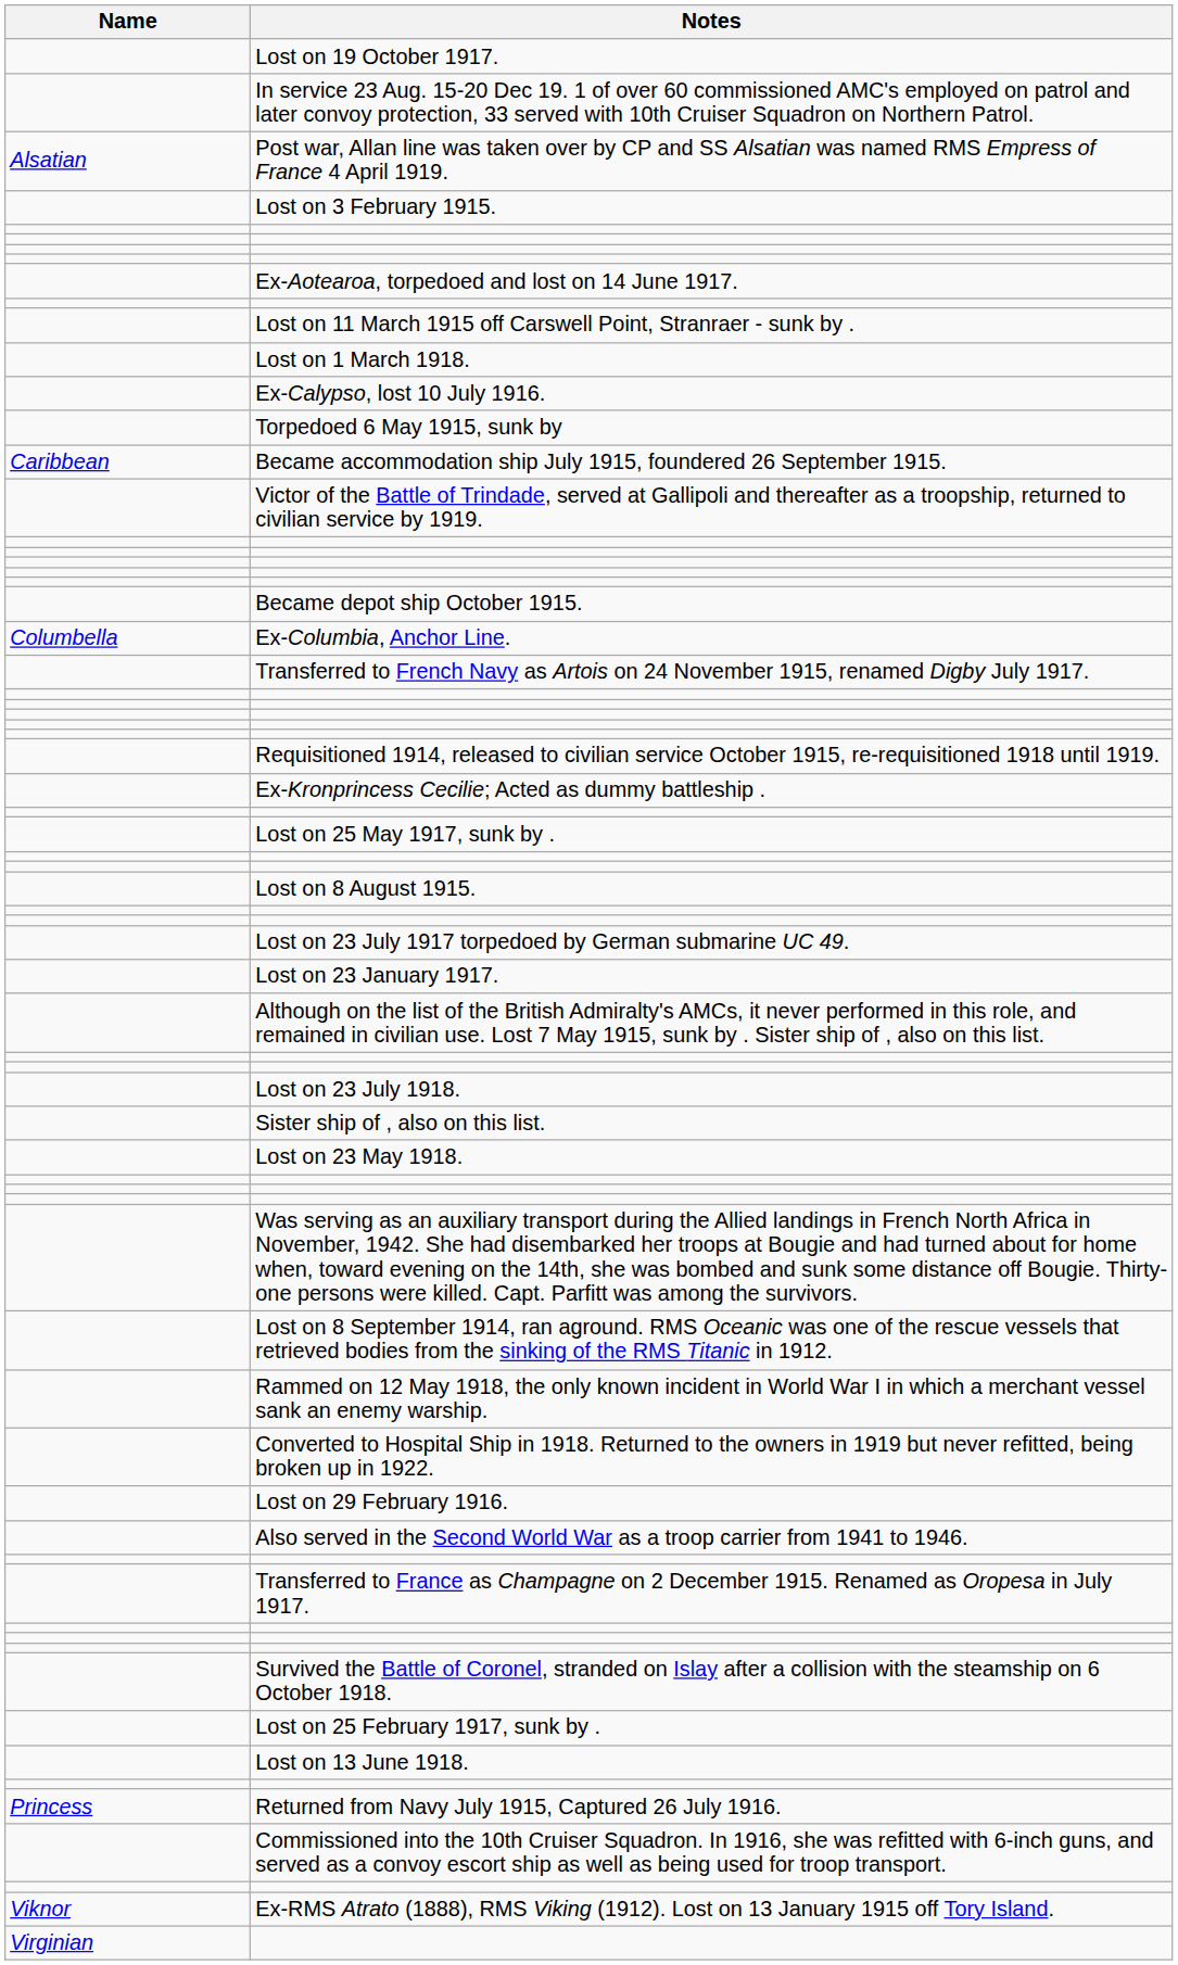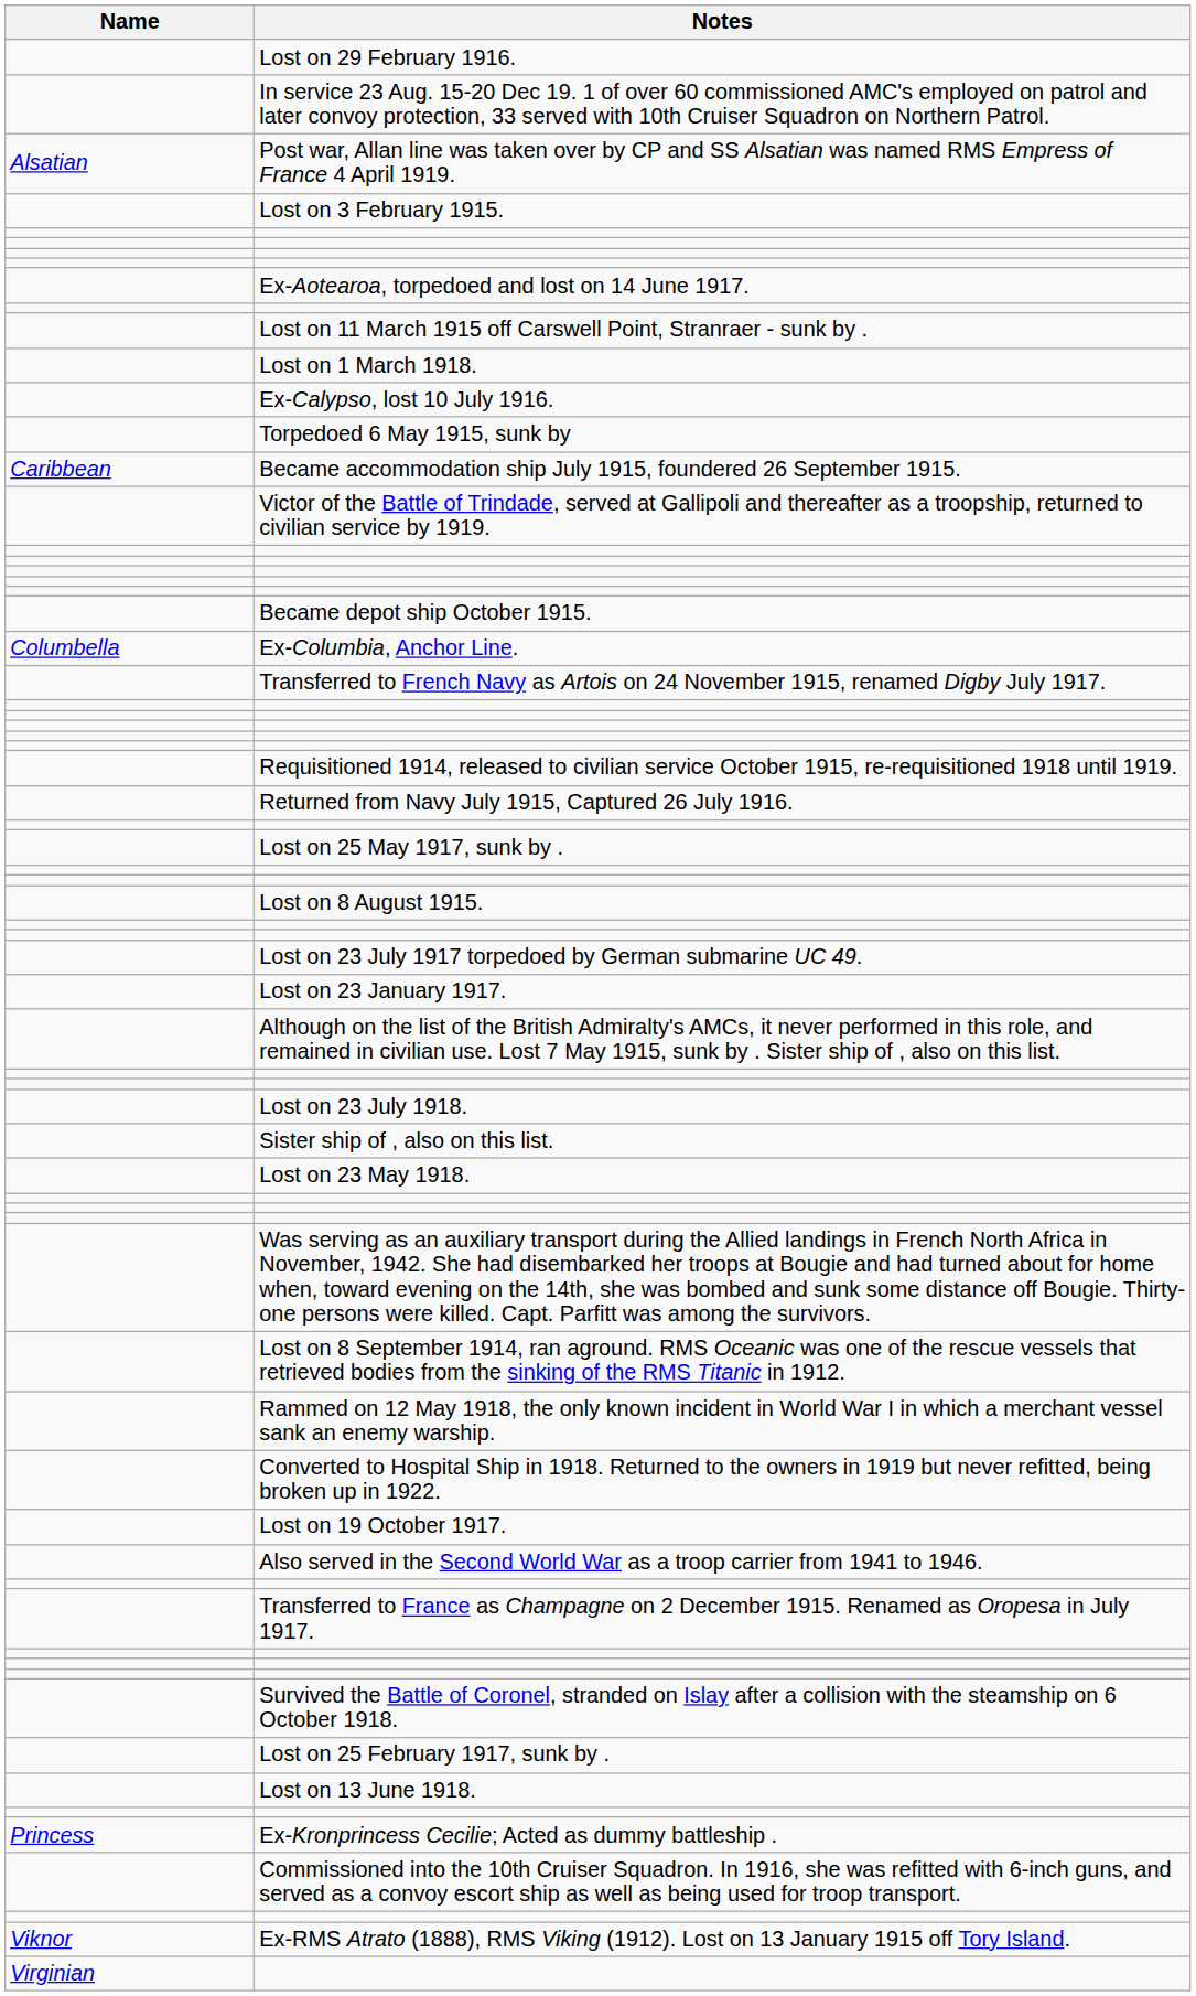 <table class="wikitable">
 <tr>
 <th width="175">Name</th>
 <th>Notes</th>
 </tr>
 <tr>
 <td></td>
-<td>Lost on 19 October 1917.</td>
+<td>Lost on 29 February 1916.</td>
 </tr>
 <tr>
 <td></td>
 <td>In service 23 Aug. 15-20 Dec 19. 1 of over 60 commissioned AMC's employed on patrol and later convoy protection, 33 served with 10th Cruiser Squadron on Northern Patrol.</td>
 </tr>
 <tr>
 <td><a href='#'><em>Alsatian</em></a></td>
 <td>Post war, Allan line was taken over by CP and SS <em>Alsatian</em> was named RMS <em>Empress of France</em> 4 April 1919.</td>
 </tr>
 <tr>
 <td></td>
 <td>Lost on 3 February 1915.</td>
 </tr>
 <tr>
 <td></td>
 <td></td>
 </tr>
 <tr>
 <td></td>
 <td></td>
 </tr>
 <tr>
 <td></td>
 <td></td>
 </tr>
 <tr>
 <td></td>
 <td></td>
 </tr>
 <tr>
 <td></td>
 <td>Ex-<em>Aotearoa</em>, torpedoed and lost on 14 June 1917.</td>
 </tr>
 <tr>
 <td></td>
 <td></td>
 </tr>
 <tr>
 <td></td>
 <td>Lost on 11 March 1915 off Carswell Point, Stranraer - sunk by .</td>
 </tr>
 <tr>
 <td></td>
 <td>Lost on 1 March 1918.</td>
 </tr>
 <tr>
 <td></td>
 <td>Ex-<em>Calypso</em>, lost 10 July 1916.</td>
 </tr>
 <tr>
 <td></td>
 <td>Torpedoed 6 May 1915, sunk by </td>
 </tr>
 <tr>
 <td><a href='#'><em>Caribbean</em></a></td>
 <td>Became accommodation ship July 1915, foundered 26 September 1915.</td>
 </tr>
 <tr>
 <td></td>
 <td>Victor of the <a href='#'>Battle of Trindade</a>, served at Gallipoli and thereafter as a troopship, returned to civilian service by 1919.</td>
 </tr>
 <tr>
 <td></td>
 <td></td>
 </tr>
 <tr>
 <td></td>
 <td></td>
 </tr>
 <tr>
 <td></td>
 <td></td>
 </tr>
 <tr>
 <td></td>
 <td></td>
 </tr>
 <tr>
 <td></td>
 <td></td>
 </tr>
 <tr>
 <td></td>
 <td>Became depot ship October 1915.</td>
 </tr>
 <tr>
 <td><a href='#'><em>Columbella</em></a></td>
 <td>Ex-<em>Columbia</em>, <a href='#'>Anchor Line</a>.</td>
 </tr>
 <tr>
 <td></td>
 <td>Transferred to <a href='#'>French Navy</a> as <em>Artois</em> on 24 November 1915, renamed <em>Digby</em> July 1917.</td>
 </tr>
 <tr>
 <td></td>
 <td></td>
 </tr>
 <tr>
 <td></td>
 <td></td>
 </tr>
 <tr>
 <td></td>
 <td></td>
 </tr>
 <tr>
 <td></td>
 <td></td>
 </tr>
 <tr>
 <td></td>
 <td></td>
 </tr>
 <tr>
 <td></td>
 <td>Requisitioned 1914, released to civilian service October 1915, re-requisitioned 1918 until 1919.</td>
 </tr>
 <tr>
 <td></td>
-<td>Ex-<em>Kronprincess Cecilie</em>; Acted as dummy battleship .</td>
+<td>Returned from Navy July 1915, Captured 26 July 1916.</td>
 </tr>
 <tr>
 <td></td>
 <td></td>
 </tr>
 <tr>
 <td></td>
 <td>Lost on 25 May 1917, sunk by .</td>
 </tr>
 <tr>
 <td></td>
 <td></td>
 </tr>
 <tr>
 <td></td>
 <td></td>
 </tr>
 <tr>
 <td></td>
 <td>Lost on 8 August 1915.</td>
 </tr>
 <tr>
 <td></td>
 <td></td>
 </tr>
 <tr>
 <td></td>
 <td></td>
 </tr>
 <tr>
 <td></td>
 <td>Lost on 23 July 1917 torpedoed by German submarine <em>UC 49</em>.</td>
 </tr>
 <tr>
 <td></td>
 <td>Lost on 23 January 1917.</td>
 </tr>
 <tr>
 <td></td>
 <td>Although on the list of the British Admiralty's AMCs, it never performed in this role, and remained in civilian use. Lost 7 May 1915, sunk by . Sister ship of , also on this list.</td>
 </tr>
 <tr>
 <td></td>
 <td></td>
 </tr>
 <tr>
 <td></td>
 <td></td>
 </tr>
 <tr>
 <td></td>
 <td>Lost on 23 July 1918.</td>
 </tr>
 <tr>
 <td></td>
 <td>Sister ship of , also on this list.</td>
 </tr>
 <tr>
 <td></td>
 <td>Lost on 23 May 1918.</td>
 </tr>
 <tr>
 <td></td>
 <td></td>
 </tr>
 <tr>
 <td></td>
 <td></td>
 </tr>
 <tr>
 <td></td>
 <td></td>
 </tr>
 <tr>
 <td></td>
 <td>Was serving as an auxiliary transport during the Allied landings in French North Africa in November, 1942. She had disembarked her troops at Bougie and had turned about for home when, toward evening on the 14th, she was bombed and sunk some distance off Bougie. Thirty-one persons were killed. Capt. Parfitt was among the survivors.</td>
 </tr>
 <tr>
 <td></td>
 <td>Lost on 8 September 1914, ran aground. RMS <em>Oceanic</em> was one of the rescue vessels that retrieved bodies from the <a href='#'>sinking of the RMS <em>Titanic</em></a> in 1912.</td>
 </tr>
 <tr>
 <td></td>
 <td>Rammed  on 12 May 1918, the only known incident in World War I in which a merchant vessel sank an enemy warship.</td>
 </tr>
 <tr>
 <td></td>
 <td>Converted to Hospital Ship in 1918. Returned to the owners in 1919 but never refitted, being broken up in 1922.</td>
 </tr>
 <tr>
 <td></td>
-<td>Lost on 29 February 1916.</td>
+<td>Lost on 19 October 1917.</td>
 </tr>
 <tr>
 <td></td>
 <td>Also served in the <a href='#'>Second World War</a> as a troop carrier from 1941 to 1946.</td>
 </tr>
 <tr>
 <td></td>
 <td></td>
 </tr>
 <tr>
 <td></td>
 <td>Transferred to <a href='#'>France</a> as <em>Champagne</em> on 2 December 1915. Renamed as <em>Oropesa</em> in July 1917.</td>
 </tr>
 <tr>
 <td></td>
 <td></td>
 </tr>
 <tr>
 <td></td>
 <td></td>
 </tr>
 <tr>
 <td></td>
 <td></td>
 </tr>
 <tr>
 <td></td>
 <td>Survived the <a href='#'>Battle of Coronel</a>, stranded on <a href='#'>Islay</a> after a collision with the steamship  on 6 October 1918.</td>
 </tr>
 <tr>
 <td></td>
 <td>Lost on 25 February 1917, sunk by .</td>
 </tr>
 <tr>
 <td></td>
 <td>Lost on 13 June 1918.</td>
 </tr>
 <tr>
 <td></td>
 <td></td>
 </tr>
 <tr>
 <td><a href='#'><em>Princess</em></a></td>
-<td>Returned from Navy July 1915, Captured 26 July 1916.</td>
+<td>Ex-<em>Kronprincess Cecilie</em>; Acted as dummy battleship .</td>
 </tr>
 <tr>
 <td></td>
 <td>Commissioned into the 10th Cruiser Squadron. In 1916, she was refitted with 6-inch guns, and served as a convoy escort ship as well as being used for troop transport.</td>
 </tr>
 <tr>
 <td></td>
 <td></td>
 </tr>
 <tr>
 <td><a href='#'><em>Viknor</em></a></td>
 <td>Ex-RMS <em>Atrato</em> (1888), RMS <em>Viking</em> (1912). Lost on 13 January 1915 off <a href='#'>Tory Island</a>.</td>
 </tr>
 <tr>
 <td><a href='#'><em>Virginian</em></a></td>
 <td></td>
 </tr>
 </table>
